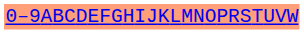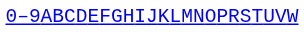 <table id="toc" class="toc" summary="Class">
 <tr>
 <th></th>
 </tr>
 <tr>
-<td style="background: lightsalmon; text-align:center;"><a href='#'>0–9</a><a href='#'>A</a><a href='#'>B</a><a href='#'>C</a><a href='#'>D</a><a href='#'>E</a><a href='#'>F</a><a href='#'>G</a><a href='#'>H</a><a href='#'>I</a><a href='#'>J</a><a href='#'>K</a><a href='#'>L</a><a href='#'>M</a><a href='#'>N</a><a href='#'>O</a><a href='#'>P</a><a href='#'>R</a><a href='#'>S</a><a href='#'>T</a><a href='#'>U</a><a href='#'>V</a><a href='#'>W</a></td>
+<td style="text-align:center;"><a href='#'>0–9</a><a href='#'>A</a><a href='#'>B</a><a href='#'>C</a><a href='#'>D</a><a href='#'>E</a><a href='#'>F</a><a href='#'>G</a><a href='#'>H</a><a href='#'>I</a><a href='#'>J</a><a href='#'>K</a><a href='#'>L</a><a href='#'>M</a><a href='#'>N</a><a href='#'>O</a><a href='#'>P</a><a href='#'>R</a><a href='#'>S</a><a href='#'>T</a><a href='#'>U</a><a href='#'>V</a><a href='#'>W</a></td>
 </tr>
 </table>
